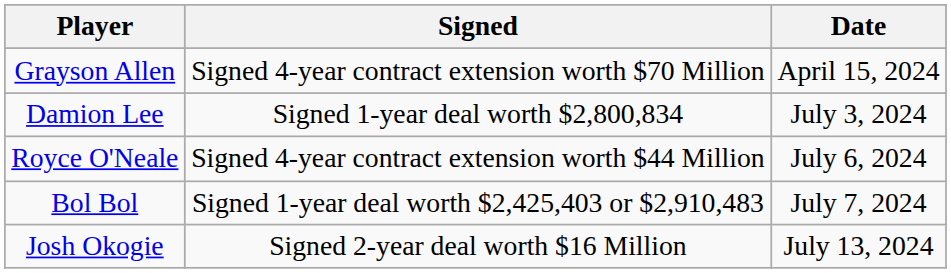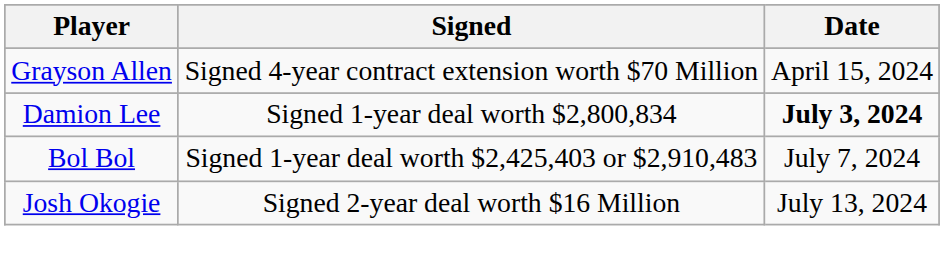 <table class="wikitable sortable sortable">
 <tr>
 <th>Player</th>
 <th>Signed</th>
 <th>Date</th>
 </tr>
 <tr style="text-align: center">
 <td><a href='#'>Grayson Allen</a></td>
 <td>Signed 4-year contract extension worth $70 Million</td>
 <td>April 15, 2024</td>
 </tr>
 <tr style="text-align: center">
 <td><a href='#'>Damion Lee</a></td>
 <td>Signed 1-year deal worth $2,800,834</td>
-<td>July 3, 2024</td>
-</tr>
-<tr style="text-align: center">
-<td><a href='#'>Royce O'Neale</a></td>
-<td>Signed 4-year contract extension worth $44 Million</td>
-<td>July 6, 2024</td>
+<td><strong>July 3, 2024</strong></td>
 </tr>
 <tr style="text-align: center">
 <td><a href='#'>Bol Bol</a></td>
 <td>Signed 1-year deal worth $2,425,403 or $2,910,483</td>
 <td>July 7, 2024</td>
 </tr>
 <tr style="text-align: center">
 <td><a href='#'>Josh Okogie</a></td>
 <td>Signed 2-year deal worth $16 Million</td>
 <td>July 13, 2024</td>
 </tr>
 </table>
